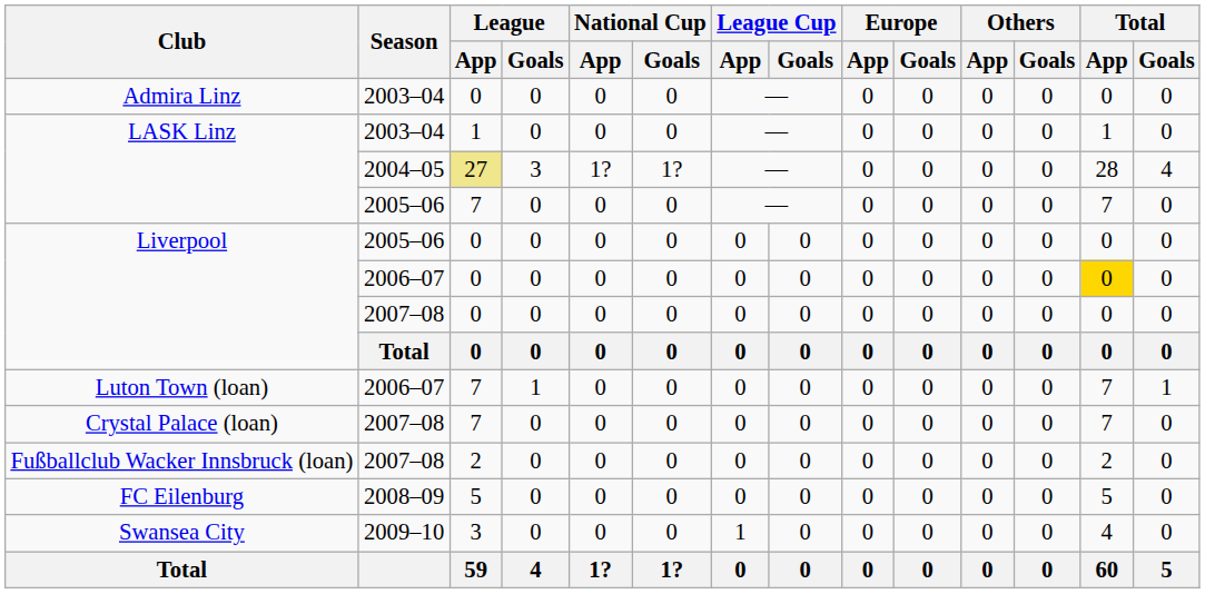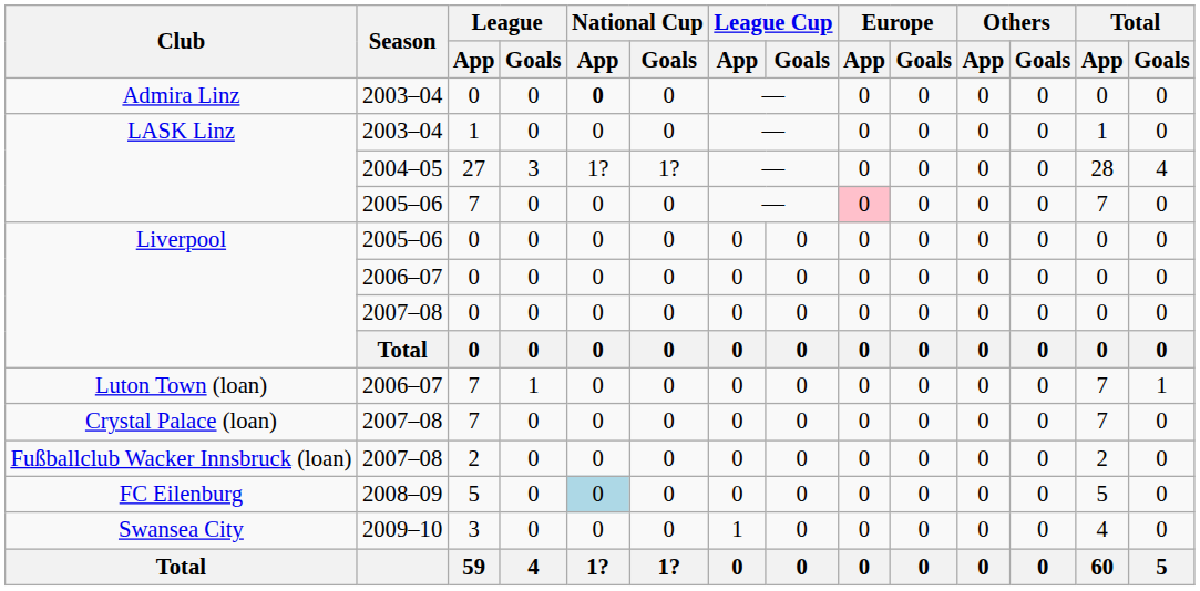 <table class="wikitable" style="font-size:100%; text-align: center;">
 <tr>
 <th rowspan="2">Club</th>
 <th rowspan="2">Season</th>
 <th colspan="2">League</th>
 <th colspan="2">National Cup</th>
 <th colspan="2"><a href='#'>League Cup</a></th>
 <th colspan="2">Europe</th>
 <th colspan="2">Others</th>
 <th colspan="2">Total</th>
 </tr>
 <tr>
 <th>App</th>
 <th>Goals</th>
 <th>App</th>
 <th>Goals</th>
 <th>App</th>
 <th>Goals</th>
 <th>App</th>
 <th>Goals</th>
 <th>App</th>
 <th>Goals</th>
 <th>App</th>
 <th>Goals</th>
 </tr>
 <tr>
 <td style="vertical-align:top;"><a href='#'>Admira Linz</a></td>
 <td>2003–04</td>
 <td>0</td>
 <td>0</td>
-<td>0</td>
+<td><strong>0</strong></td>
 <td>0</td>
 <td Colspan=2>—</td>
 <td>0</td>
 <td>0</td>
 <td>0</td>
 <td>0</td>
 <td>0</td>
 <td>0</td>
 </tr>
 <tr>
 <td rowspan="3" style="vertical-align:top;"><a href='#'>LASK Linz</a></td>
 <td>2003–04</td>
 <td>1</td>
 <td>0</td>
 <td>0</td>
 <td>0</td>
 <td Colspan=2>—</td>
 <td>0</td>
 <td>0</td>
 <td>0</td>
 <td>0</td>
 <td>1</td>
 <td>0</td>
 </tr>
 <tr>
 <td>2004–05</td>
-<td style="background: khaki;">27</td>
+<td>27</td>
 <td>3</td>
 <td>1?</td>
 <td>1?</td>
 <td Colspan=2>—</td>
 <td>0</td>
 <td>0</td>
 <td>0</td>
 <td>0</td>
 <td>28</td>
 <td>4</td>
 </tr>
 <tr>
 <td>2005–06</td>
 <td>7</td>
 <td>0</td>
 <td>0</td>
 <td>0</td>
 <td Colspan=2>—</td>
-<td>0</td>
+<td style="background: pink;">0</td>
 <td>0</td>
 <td>0</td>
 <td>0</td>
 <td>7</td>
 <td>0</td>
 </tr>
 <tr>
 <td rowspan="4" style="vertical-align:top;"><a href='#'>Liverpool</a></td>
 <td>2005–06</td>
 <td>0</td>
 <td>0</td>
 <td>0</td>
 <td>0</td>
 <td>0</td>
 <td>0</td>
 <td>0</td>
 <td>0</td>
 <td>0</td>
 <td>0</td>
 <td>0</td>
 <td>0</td>
 </tr>
 <tr>
 <td>2006–07</td>
 <td>0</td>
 <td>0</td>
 <td>0</td>
 <td>0</td>
 <td>0</td>
 <td>0</td>
 <td>0</td>
 <td>0</td>
 <td>0</td>
 <td>0</td>
-<td style="background: gold;">0</td>
+<td>0</td>
 <td>0</td>
 </tr>
 <tr>
 <td>2007–08</td>
 <td>0</td>
 <td>0</td>
 <td>0</td>
 <td>0</td>
 <td>0</td>
 <td>0</td>
 <td>0</td>
 <td>0</td>
 <td>0</td>
 <td>0</td>
 <td>0</td>
 <td>0</td>
 </tr>
 <tr>
 <th>Total</th>
 <th>0</th>
 <th>0</th>
 <th>0</th>
 <th>0</th>
 <th>0</th>
 <th>0</th>
 <th>0</th>
 <th>0</th>
 <th>0</th>
 <th>0</th>
 <th>0</th>
 <th>0</th>
 </tr>
 <tr>
 <td style="vertical-align:top;"><a href='#'>Luton Town</a> (loan)</td>
 <td>2006–07</td>
 <td>7</td>
 <td>1</td>
 <td>0</td>
 <td>0</td>
 <td>0</td>
 <td>0</td>
 <td>0</td>
 <td>0</td>
 <td>0</td>
 <td>0</td>
 <td>7</td>
 <td>1</td>
 </tr>
 <tr>
 <td style="vertical-align:top;"><a href='#'>Crystal Palace</a> (loan)</td>
 <td>2007–08</td>
 <td>7</td>
 <td>0</td>
 <td>0</td>
 <td>0</td>
 <td>0</td>
 <td>0</td>
 <td>0</td>
 <td>0</td>
 <td>0</td>
 <td>0</td>
 <td>7</td>
 <td>0</td>
 </tr>
 <tr>
 <td style="vertical-align:top;"><a href='#'>Fußballclub Wacker Innsbruck</a> (loan)</td>
 <td>2007–08</td>
 <td>2</td>
 <td>0</td>
 <td>0</td>
 <td>0</td>
 <td>0</td>
 <td>0</td>
 <td>0</td>
 <td>0</td>
 <td>0</td>
 <td>0</td>
 <td>2</td>
 <td>0</td>
 </tr>
 <tr>
 <td style="vertical-align:top;"><a href='#'>FC Eilenburg</a></td>
 <td>2008–09</td>
 <td>5</td>
 <td>0</td>
-<td>0</td>
+<td style="background: lightblue;">0</td>
 <td>0</td>
 <td>0</td>
 <td>0</td>
 <td>0</td>
 <td>0</td>
 <td>0</td>
 <td>0</td>
 <td>5</td>
 <td>0</td>
 </tr>
 <tr>
 <td style="vertical-align:top;"><a href='#'>Swansea City</a></td>
 <td>2009–10</td>
 <td>3</td>
 <td>0</td>
 <td>0</td>
 <td>0</td>
 <td>1</td>
 <td>0</td>
 <td>0</td>
 <td>0</td>
 <td>0</td>
 <td>0</td>
 <td>4</td>
 <td>0</td>
 </tr>
 <tr>
 <th>Total</th>
 <th></th>
 <th>59</th>
 <th>4</th>
 <th>1?</th>
 <th>1?</th>
 <th>0</th>
 <th>0</th>
 <th>0</th>
 <th>0</th>
 <th>0</th>
 <th>0</th>
 <th>60</th>
 <th>5</th>
 </tr>
 </table>
